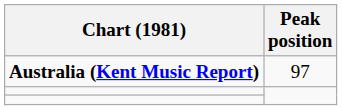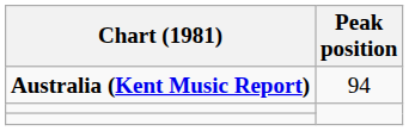 <table class="wikitable sortable plainrowheaders">
 <tr>
 <th>Chart (1981)</th>
 <th>Peak<br>position</th>
 </tr>
 <tr>
 <td><strong>Australia (<a href='#'>Kent Music Report</a>)</strong></td>
-<td style="text-align:center;">97</td>
+<td style="text-align:center;">94</td>
 </tr>
 <tr>
 <td></td>
 </tr>
 <tr>
 <td></td>
 </tr>
 </table>
